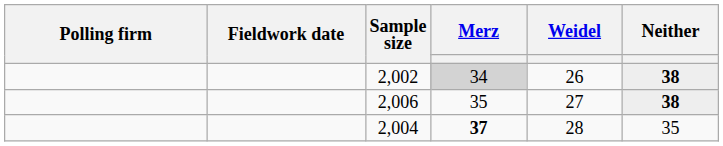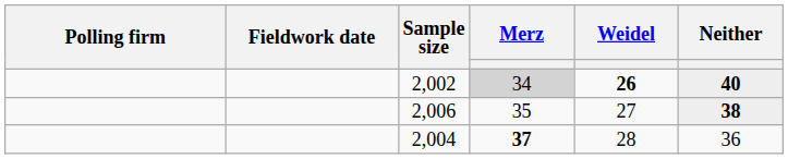 <table class="wikitable sortable mw-datatable" style="text-align:center;font-size:90%;line-height:14px;">
 <tr style="height:40px;">
 <th style="width:155px;" rowspan="2">Polling firm</th>
 <th style="width:120px;" rowspan="2">Fieldwork date</th>
 <th style="width: 35px;" rowspan="2">Sample<br>size</th>
 <th class="unsortable" style="width:70px;"><a href='#'>Merz</a><br></th>
 <th class="unsortable" style="width:70px;"><a href='#'>Weidel</a><br></th>
 <th class="unsortable" style="width:70px;">Neither</th>
 </tr>
 <tr>
 <th style="background:"></th>
 <th style="background:"></th>
 <th style="background:"></th>
 </tr>
 <tr>
 <td></td>
 <td></td>
 <td>2,002</td>
 <td style="background: lightgrey;">34</td>
-<td>26</td>
-<td style="background:#EEEEEE;"><strong>38</strong></td>
+<td><strong>26</strong></td>
+<td style="background:#EEEEEE;"><strong>40</strong></td>
 </tr>
 <tr>
 <td></td>
 <td></td>
 <td>2,006</td>
 <td>35</td>
 <td>27</td>
 <td style="background:#EEEEEE;"><strong>38</strong></td>
 </tr>
 <tr>
 <td></td>
 <td></td>
 <td>2,004</td>
 <td><strong>37</strong></td>
 <td>28</td>
-<td>35</td>
+<td>36</td>
 </tr>
 </table>
